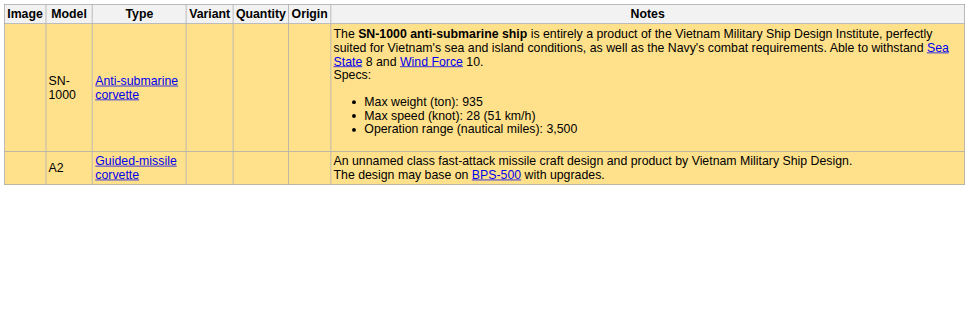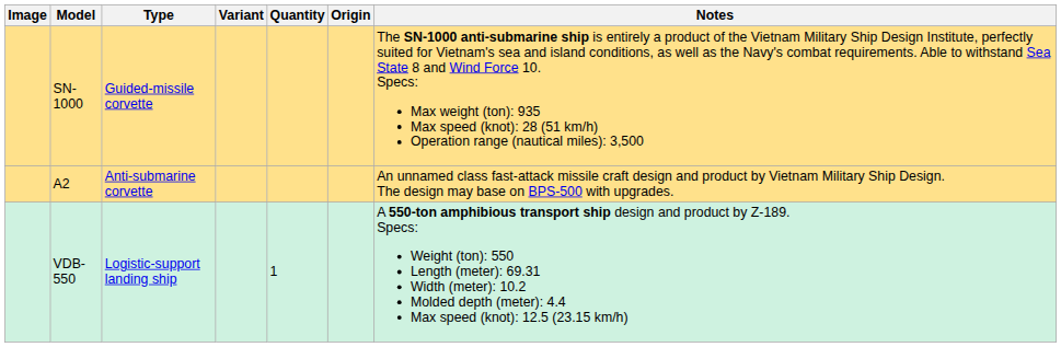 <table class="wikitable">
 <tr>
 <th>Image</th>
 <th>Model</th>
 <th>Type</th>
 <th>Variant</th>
 <th>Quantity</th>
 <th>Origin</th>
 <th>Notes</th>
 </tr>
 <tr>
 <td style="background: #FFE18B"></td>
 <td style="background: #FFE18B">SN-1000</td>
-<td style="background: #FFE18B"><a href='#'>Anti-submarine</a> <a href='#'>corvette</a></td>
+<td style="background: #FFE18B"><a href='#'>Guided-missile corvette</a></td>
 <td style="background: #FFE18B"></td>
 <td style="background: #FFE18B"></td>
 <td style="background: #FFE18B"></td>
 <td style="background: #FFE18B">The <strong>SN-1000 anti-submarine ship</strong> is entirely a product of the Vietnam Military Ship Design Institute, perfectly suited for Vietnam's sea and island conditions, as well as the Navy's combat requirements. Able to withstand <a href='#'>Sea State</a> 8 and <a href='#'>Wind Force</a> 10.<br>Specs:<ul><li>Max weight (ton): 935</li><li>Max speed (knot): 28 (51 km/h)</li><li>Operation range (nautical miles): 3,500</li></ul></td>
 </tr>
 <tr>
 <td style="background: #FFE18B"></td>
 <td style="background: #FFE18B">A2</td>
-<td style="background: #FFE18B"><a href='#'>Guided-missile corvette</a></td>
+<td style="background: #FFE18B"><a href='#'>Anti-submarine</a> <a href='#'>corvette</a></td>
 <td style="background: #FFE18B"></td>
 <td style="background: #FFE18B"></td>
 <td style="background: #FFE18B"></td>
 <td style="background: #FFE18B">An unnamed class fast-attack missile craft design and product by Vietnam Military Ship Design.<br>The design may base on <a href='#'>BPS-500</a> with upgrades.</td>
 </tr>
+<tr>
+<td style="background: #CEF2E0"></td>
+<td style="background: #CEF2E0">VDB-550</td>
+<td style="background: #CEF2E0"><a href='#'>Logistic-support landing ship</a></td>
+<td style="background: #CEF2E0"></td>
+<td style="background: #CEF2E0">1</td>
+<td style="background: #CEF2E0"></td>
+<td style="background: #CEF2E0">A <strong>550-ton amphibious transport ship</strong> design and product by Z-189.<br>Specs:<ul><li>Weight (ton): 550</li><li>Length (meter): 69.31</li><li>Width (meter): 10.2</li><li>Molded depth (meter): 4.4</li><li>Max speed (knot): 12.5 (23.15 km/h)</li></ul></td>
+</tr>
 </table>
